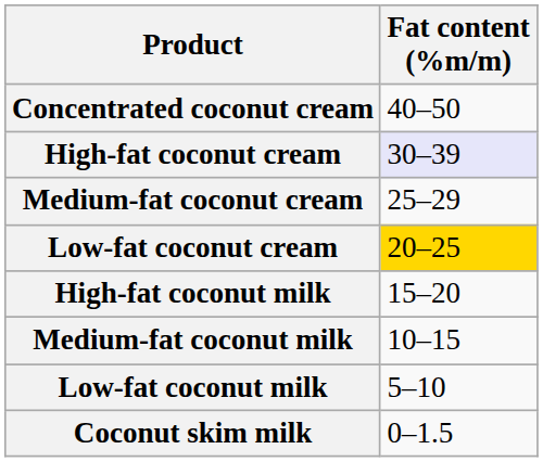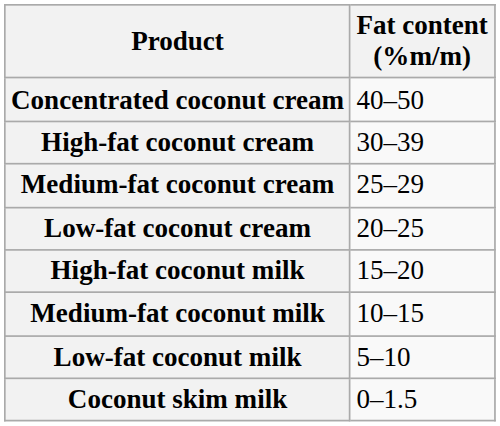 <table class="wikitable">
 <tr>
 <th>Product</th>
 <th>Fat content<br>(%m/m)</th>
 </tr>
 <tr>
 <th>Concentrated coconut cream</th>
 <td>40–50</td>
 </tr>
 <tr>
 <th>High-fat coconut cream</th>
-<td style="background: lavender;">30–39</td>
+<td>30–39</td>
 </tr>
 <tr>
 <th>Medium-fat coconut cream</th>
 <td>25–29</td>
 </tr>
 <tr>
 <th>Low-fat coconut cream</th>
-<td style="background: gold;">20–25</td>
+<td>20–25</td>
 </tr>
 <tr>
 <th>High-fat coconut milk</th>
 <td>15–20</td>
 </tr>
 <tr>
 <th>Medium-fat coconut milk</th>
 <td>10–15</td>
 </tr>
 <tr>
 <th>Low-fat coconut milk</th>
 <td>5–10</td>
 </tr>
 <tr>
 <th>Coconut skim milk</th>
 <td>0–1.5</td>
 </tr>
 </table>
